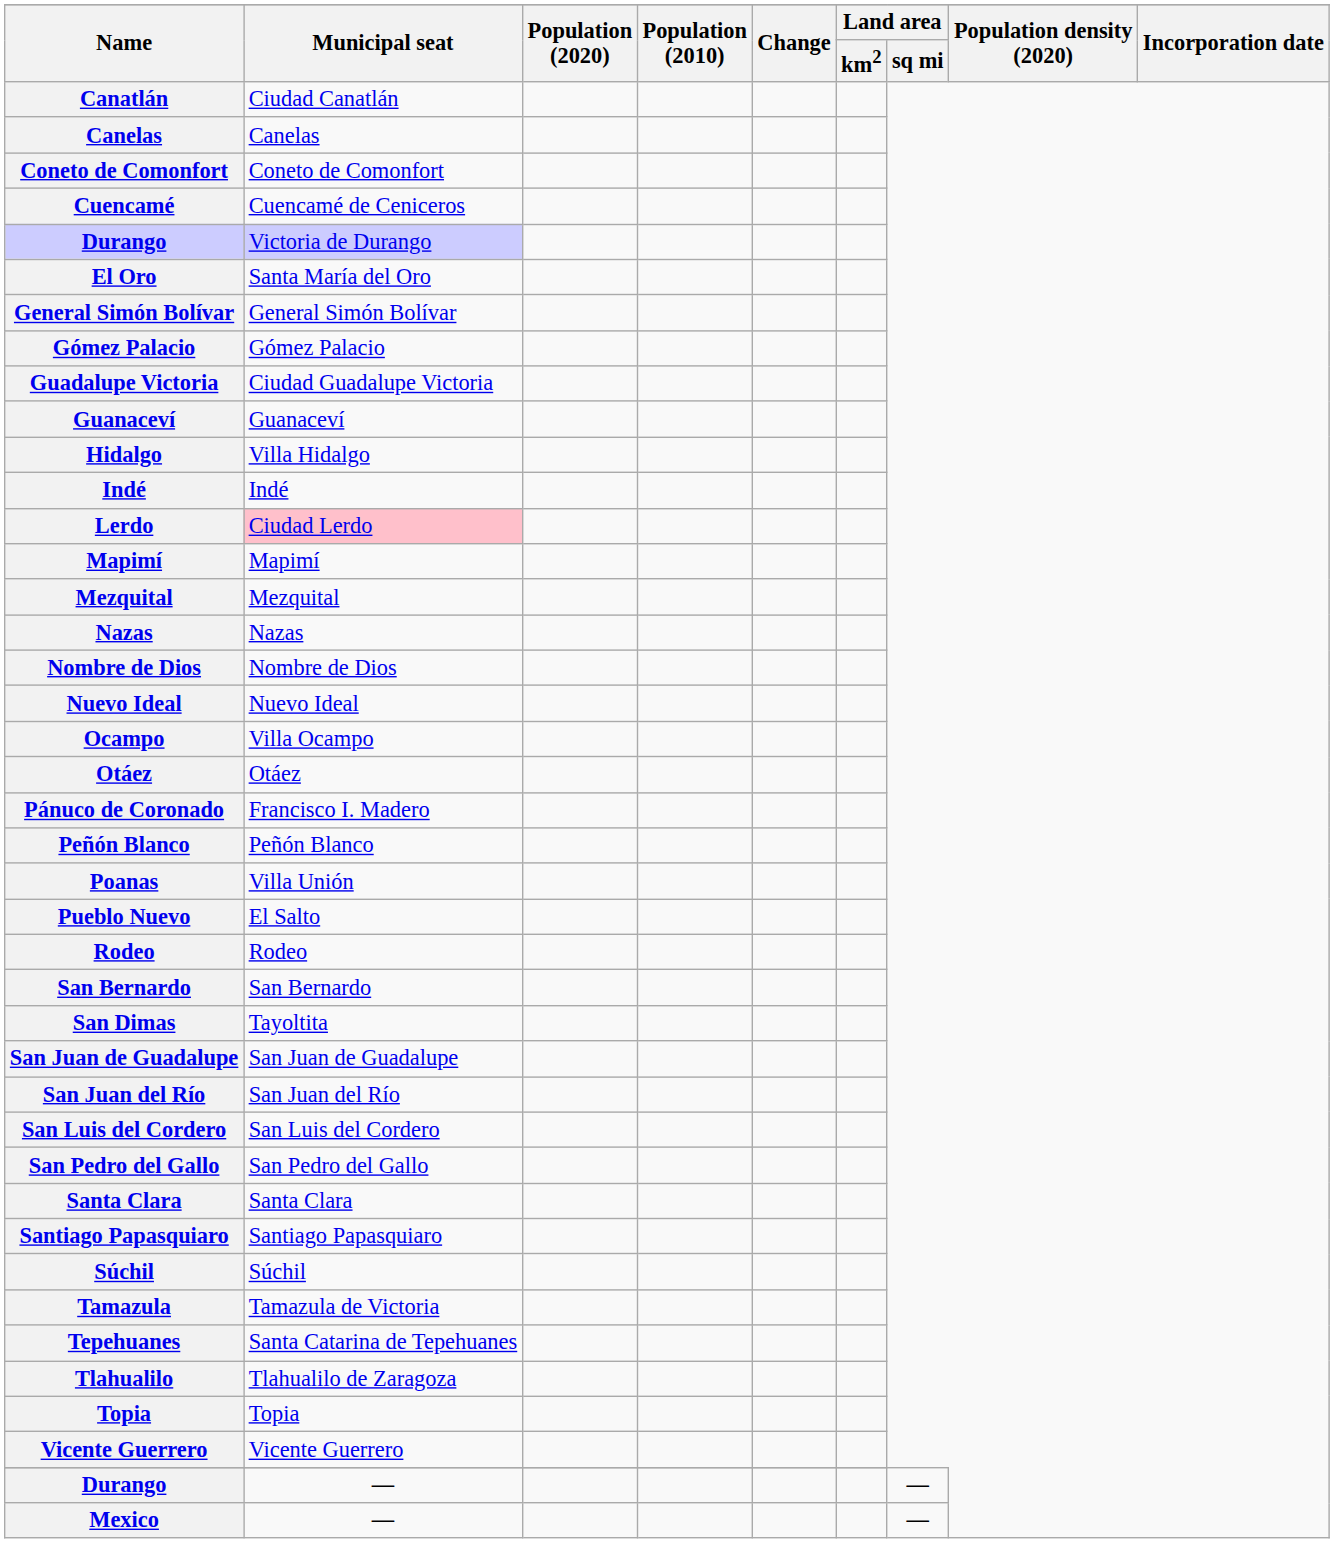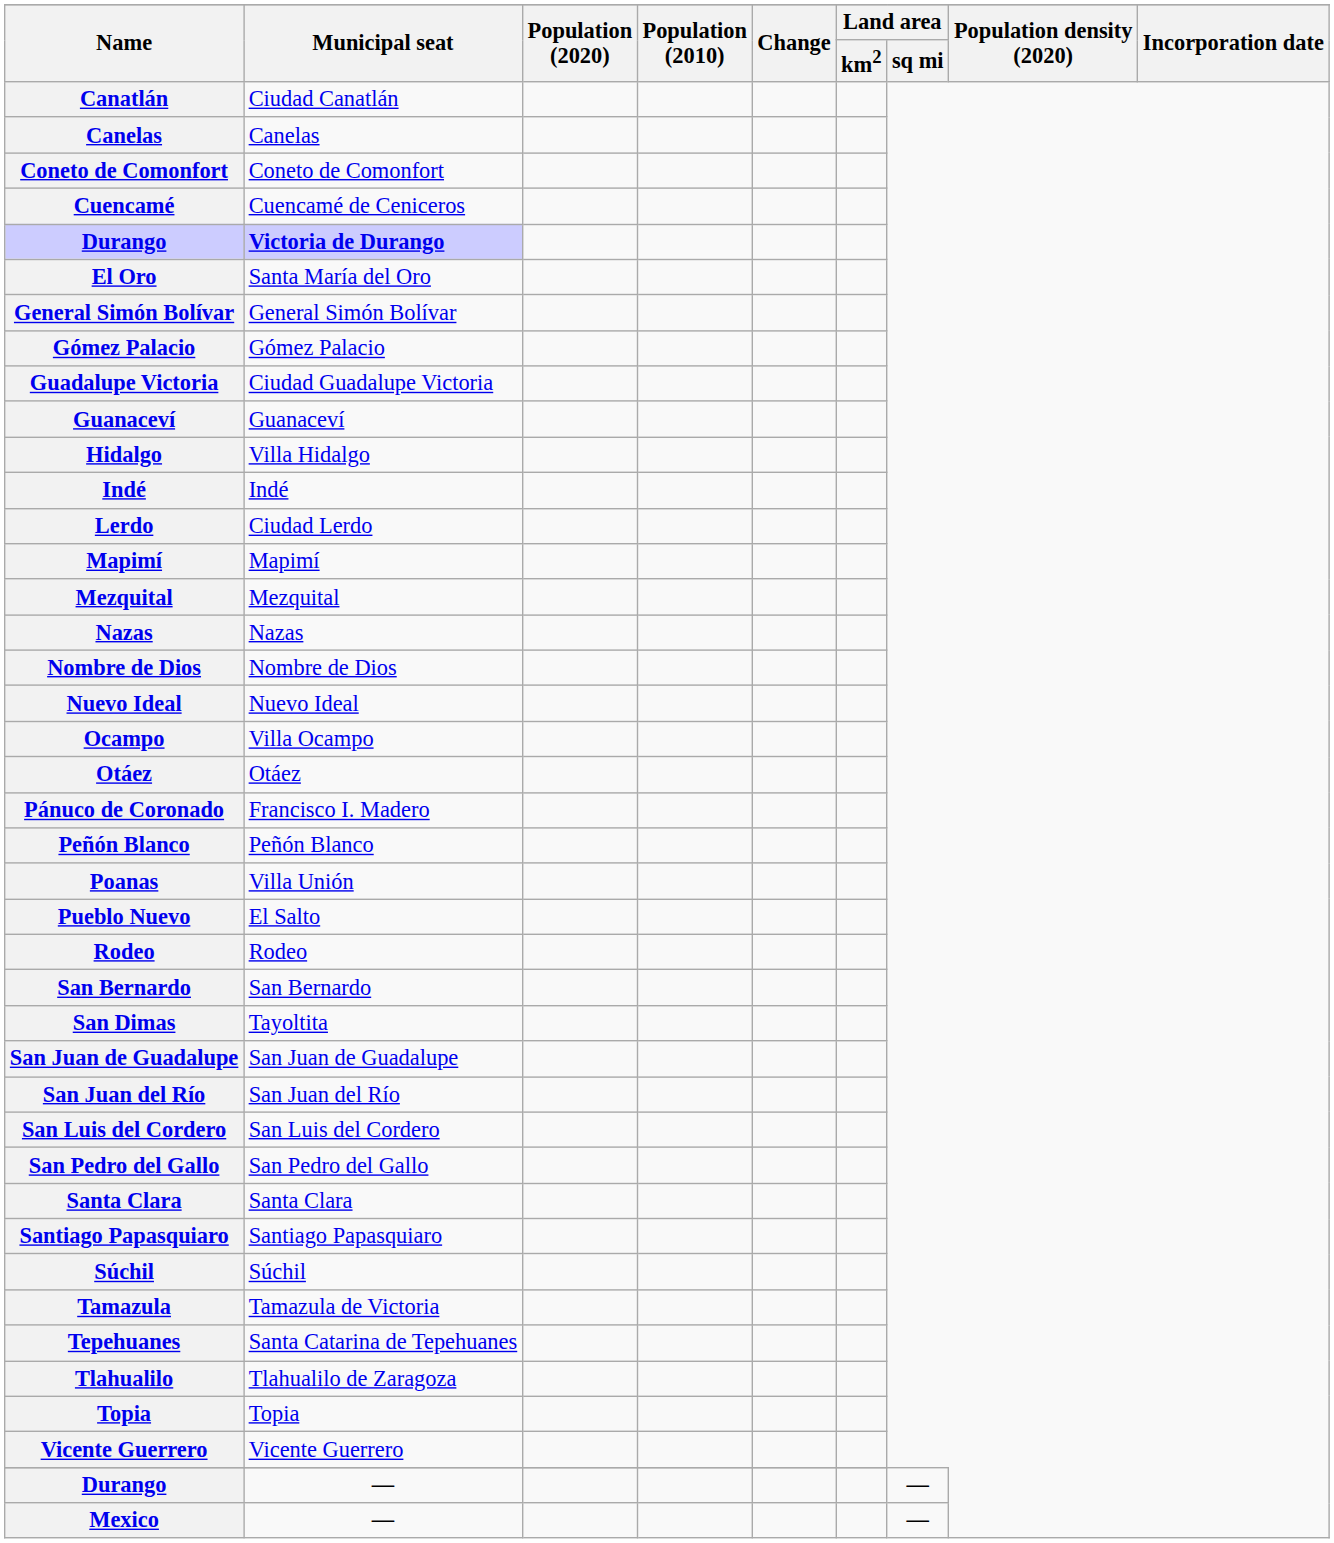 <table class="wikitable sortable" style="text-align:right;">
 <tr>
 </tr>
 <tr>
 <th scope="col"  rowspan=2>Name</th>
 <th scope="col"  rowspan=2>Municipal seat</th>
 <th scope="col"  rowspan=2>Population<br>(2020)</th>
 <th scope="col"  rowspan=2>Population<br>(2010)</th>
 <th scope="col"  rowspan=2>Change</th>
 <th scope="col" data-sort-type="number"  colspan=2>Land area</th>
 <th scope="col" data-sort-type="number"  rowspan=2>Population density<br>(2020)</th>
 <th scope="col"  rowspan=2>Incorporation date</th>
 </tr>
 <tr>
 <th scope="col">km<sup>2</sup></th>
 <th scope="col">sq mi</th>
 </tr>
 <tr>
 <th scope="row" align="left"><a href='#'>Canatlán</a></th>
 <td align=left><a href='#'>Ciudad Canatlán</a></td>
 <td></td>
 <td></td>
 <td></td>
 <td></td>
 </tr>
 <tr>
 <th scope="row" align="left"><a href='#'>Canelas</a></th>
 <td align=left><a href='#'>Canelas</a></td>
 <td></td>
 <td></td>
 <td></td>
 <td></td>
 </tr>
 <tr>
 <th scope="row" align="left"><a href='#'>Coneto de Comonfort</a></th>
 <td align=left><a href='#'>Coneto de Comonfort</a></td>
 <td></td>
 <td></td>
 <td></td>
 <td></td>
 </tr>
 <tr>
 <th scope="row" align="left"><a href='#'>Cuencamé</a></th>
 <td align=left><a href='#'>Cuencamé de Ceniceros</a></td>
 <td></td>
 <td></td>
 <td></td>
 <td></td>
 </tr>
 <tr>
 <th scope="row" align="left" style="background:#CCF;"><a href='#'>Durango</a></th>
-<td align=left style="background:#CCF;"><a href='#'>Victoria de Durango</a></td>
+<td align=left style="background:#CCF;"><strong><a href='#'>Victoria de Durango</a></strong></td>
 <td></td>
 <td></td>
 <td></td>
 <td></td>
 </tr>
 <tr>
 <th scope="row" align="left"><a href='#'>El Oro</a></th>
 <td align=left><a href='#'>Santa María del Oro</a></td>
 <td></td>
 <td></td>
 <td></td>
 <td></td>
 </tr>
 <tr>
 <th scope="row" align="left"><a href='#'>General Simón Bolívar</a></th>
 <td align=left><a href='#'>General Simón Bolívar</a></td>
 <td></td>
 <td></td>
 <td></td>
 <td></td>
 </tr>
 <tr>
 <th scope="row" align="left"><a href='#'>Gómez Palacio</a></th>
 <td align=left><a href='#'>Gómez Palacio</a></td>
 <td></td>
 <td></td>
 <td></td>
 <td></td>
 </tr>
 <tr>
 <th scope="row" align="left"><a href='#'>Guadalupe Victoria</a></th>
 <td align=left><a href='#'>Ciudad Guadalupe Victoria</a></td>
 <td></td>
 <td></td>
 <td></td>
 <td></td>
 </tr>
 <tr>
 <th scope="row" align="left"><a href='#'>Guanaceví</a></th>
 <td align=left><a href='#'>Guanaceví</a></td>
 <td></td>
 <td></td>
 <td></td>
 <td></td>
 </tr>
 <tr>
 <th scope="row" align="left"><a href='#'>Hidalgo</a></th>
 <td align=left><a href='#'>Villa Hidalgo</a></td>
 <td></td>
 <td></td>
 <td></td>
 <td></td>
 </tr>
 <tr>
 <th scope="row" align="left"><a href='#'>Indé</a></th>
 <td align=left><a href='#'>Indé</a></td>
 <td></td>
 <td></td>
 <td></td>
 <td></td>
 </tr>
 <tr>
 <th scope="row" align="left"><a href='#'>Lerdo</a></th>
-<td align=left style="background: pink;"><a href='#'>Ciudad Lerdo</a></td>
+<td align=left><a href='#'>Ciudad Lerdo</a></td>
 <td></td>
 <td></td>
 <td></td>
 <td></td>
 </tr>
 <tr>
 <th scope="row" align="left"><a href='#'>Mapimí</a></th>
 <td align=left><a href='#'>Mapimí</a></td>
 <td></td>
 <td></td>
 <td></td>
 <td></td>
 </tr>
 <tr>
 <th scope="row" align="left"><a href='#'>Mezquital</a></th>
 <td align=left><a href='#'>Mezquital</a></td>
 <td></td>
 <td></td>
 <td></td>
 <td></td>
 </tr>
 <tr>
 <th scope="row" align="left"><a href='#'>Nazas</a></th>
 <td align=left><a href='#'>Nazas</a></td>
 <td></td>
 <td></td>
 <td></td>
 <td></td>
 </tr>
 <tr>
 <th scope="row" align="left"><a href='#'>Nombre de Dios</a></th>
 <td align=left><a href='#'>Nombre de Dios</a></td>
 <td></td>
 <td></td>
 <td></td>
 <td></td>
 </tr>
 <tr>
 <th scope="row" align="left"><a href='#'>Nuevo Ideal</a></th>
 <td align=left><a href='#'>Nuevo Ideal</a></td>
 <td></td>
 <td></td>
 <td></td>
 <td></td>
 </tr>
 <tr>
 <th scope="row" align="left"><a href='#'>Ocampo</a></th>
 <td align=left><a href='#'>Villa Ocampo</a></td>
 <td></td>
 <td></td>
 <td></td>
 <td></td>
 </tr>
 <tr>
 <th scope="row" align="left"><a href='#'>Otáez</a></th>
 <td align=left><a href='#'>Otáez</a></td>
 <td></td>
 <td></td>
 <td></td>
 <td></td>
 </tr>
 <tr>
 <th scope="row" align="left"><a href='#'>Pánuco de Coronado</a></th>
 <td align=left><a href='#'>Francisco I. Madero</a></td>
 <td></td>
 <td></td>
 <td></td>
 <td></td>
 </tr>
 <tr>
 <th scope="row" align="left"><a href='#'>Peñón Blanco</a></th>
 <td align=left><a href='#'>Peñón Blanco</a></td>
 <td></td>
 <td></td>
 <td></td>
 <td></td>
 </tr>
 <tr>
 <th scope="row" align="left"><a href='#'>Poanas</a></th>
 <td align=left><a href='#'>Villa Unión</a></td>
 <td></td>
 <td></td>
 <td></td>
 <td></td>
 </tr>
 <tr>
 <th scope="row" align="left"><a href='#'>Pueblo Nuevo</a></th>
 <td align=left><a href='#'>El Salto</a></td>
 <td></td>
 <td></td>
 <td></td>
 <td></td>
 </tr>
 <tr>
 <th scope="row" align="left"><a href='#'>Rodeo</a></th>
 <td align=left><a href='#'>Rodeo</a></td>
 <td></td>
 <td></td>
 <td></td>
 <td></td>
 </tr>
 <tr>
 <th scope="row" align="left"><a href='#'>San Bernardo</a></th>
 <td align=left><a href='#'>San Bernardo</a></td>
 <td></td>
 <td></td>
 <td></td>
 <td></td>
 </tr>
 <tr>
 <th scope="row" align="left"><a href='#'>San Dimas</a></th>
 <td align=left><a href='#'>Tayoltita</a></td>
 <td></td>
 <td></td>
 <td></td>
 <td></td>
 </tr>
 <tr>
 <th scope="row" align="left"><a href='#'>San Juan de Guadalupe</a></th>
 <td align=left><a href='#'>San Juan de Guadalupe</a></td>
 <td></td>
 <td></td>
 <td></td>
 <td></td>
 </tr>
 <tr>
 <th scope="row" align="left"><a href='#'>San Juan del Río</a></th>
 <td align=left><a href='#'>San Juan del Río</a></td>
 <td></td>
 <td></td>
 <td></td>
 <td></td>
 </tr>
 <tr>
 <th scope="row" align="left"><a href='#'>San Luis del Cordero</a></th>
 <td align=left><a href='#'>San Luis del Cordero</a></td>
 <td></td>
 <td></td>
 <td></td>
 <td></td>
 </tr>
 <tr>
 <th scope="row" align="left"><a href='#'>San Pedro del Gallo</a></th>
 <td align=left><a href='#'>San Pedro del Gallo</a></td>
 <td></td>
 <td></td>
 <td></td>
 <td></td>
 </tr>
 <tr>
 <th scope="row" align="left"><a href='#'>Santa Clara</a></th>
 <td align=left><a href='#'>Santa Clara</a></td>
 <td></td>
 <td></td>
 <td></td>
 <td></td>
 </tr>
 <tr>
 <th scope="row" align="left"><a href='#'>Santiago Papasquiaro</a></th>
 <td align=left><a href='#'>Santiago Papasquiaro</a></td>
 <td></td>
 <td></td>
 <td></td>
 <td></td>
 </tr>
 <tr>
 <th scope="row" align="left"><a href='#'>Súchil</a></th>
 <td align=left><a href='#'>Súchil</a></td>
 <td></td>
 <td></td>
 <td></td>
 <td></td>
 </tr>
 <tr>
 <th scope="row" align="left"><a href='#'>Tamazula</a></th>
 <td align=left><a href='#'>Tamazula de Victoria</a></td>
 <td></td>
 <td></td>
 <td></td>
 <td></td>
 </tr>
 <tr>
 <th scope="row" align="left"><a href='#'>Tepehuanes</a></th>
 <td align=left><a href='#'>Santa Catarina de Tepehuanes</a></td>
 <td></td>
 <td></td>
 <td></td>
 <td></td>
 </tr>
 <tr>
 <th scope="row" align="left"><a href='#'>Tlahualilo</a></th>
 <td align=left><a href='#'>Tlahualilo de Zaragoza</a></td>
 <td></td>
 <td></td>
 <td></td>
 <td></td>
 </tr>
 <tr>
 <th scope="row" align="left"><a href='#'>Topia</a></th>
 <td align=left><a href='#'>Topia</a></td>
 <td></td>
 <td></td>
 <td></td>
 <td></td>
 </tr>
 <tr>
 <th scope="row" align="left"><a href='#'>Vicente Guerrero</a></th>
 <td align=left><a href='#'>Vicente Guerrero</a></td>
 <td></td>
 <td></td>
 <td></td>
 <td></td>
 </tr>
 <tr>
 </tr>
 <tr class="sortbottom" style="text-align:center;" style="background: #f2f2f2;">
 <th scope="row" align="left"><strong><a href='#'>Durango</a></strong></th>
 <td><strong>—</strong></td>
 <td></td>
 <td><strong></strong></td>
 <td><strong></strong></td>
 <td align="right"><strong></strong></td>
 <td><strong>—</strong></td>
 </tr>
 <tr class="sortbottom" style="text-align:center;" style="background: #f2f2f2;">
 <th scope="row" align="left"><strong><a href='#'>Mexico</a></strong></th>
 <td><strong>—</strong></td>
 <td></td>
 <td><strong></strong></td>
 <td><strong></strong></td>
 <td align="right"><strong></strong></td>
 <td><strong>—</strong></td>
 </tr>
 </table>
